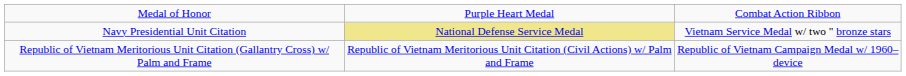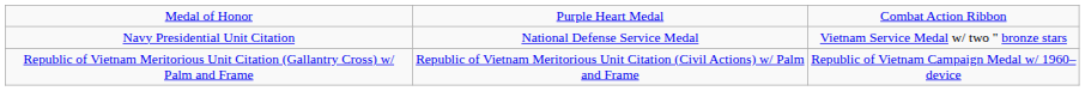 <table class="wikitable" style="margin:1em auto; text-align:center;">
 <tr>
 <td><a href='#'>Medal of Honor</a></td>
 <td><a href='#'>Purple Heart Medal</a></td>
 <td><a href='#'>Combat Action Ribbon</a></td>
 </tr>
 <tr>
 <td><a href='#'>Navy Presidential Unit Citation</a></td>
-<td style="background: khaki;"><a href='#'>National Defense Service Medal</a></td>
+<td><a href='#'>National Defense Service Medal</a></td>
 <td><a href='#'>Vietnam Service Medal</a> w/ two " <a href='#'>bronze stars</a></td>
 </tr>
 <tr>
 <td><a href='#'>Republic of Vietnam Meritorious Unit Citation (Gallantry Cross) w/ Palm and Frame</a></td>
 <td><a href='#'>Republic of Vietnam Meritorious Unit Citation (Civil Actions) w/ Palm and Frame</a></td>
 <td><a href='#'>Republic of Vietnam Campaign Medal w/ 1960– device</a></td>
 </tr>
 </table>
